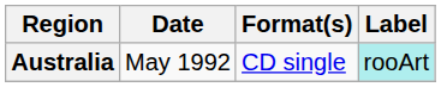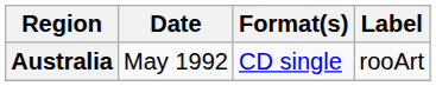 <table class="wikitable plainrowheaders">
 <tr>
 <th scope="col">Region</th>
 <th scope="col">Date</th>
 <th scope="col">Format(s)</th>
 <th scope="col">Label</th>
 </tr>
 <tr>
 <th scope="row">Australia</th>
 <td>May 1992</td>
 <td><a href='#'>CD single</a></td>
-<td style="background: paleturquoise;">rooArt</td>
+<td>rooArt</td>
 </tr>
 <tr>
 </tr>
 </table>
